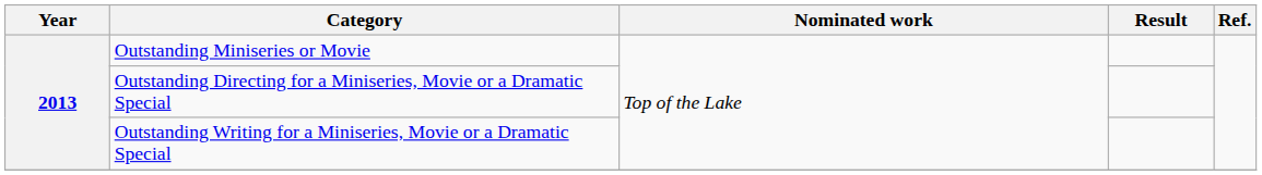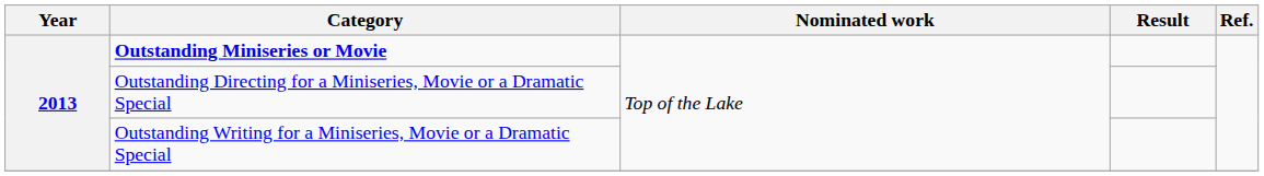 <table class=wikitable>
 <tr>
 <th scope="col" style="width:5em;">Year</th>
 <th scope="col" style="width:26em;">Category</th>
 <th scope="col" style="width:25em;">Nominated work</th>
 <th scope="col" style="width:5em;">Result</th>
 <th>Ref.</th>
 </tr>
 <tr>
 <th scope="row", rowspan="3"><a href='#'>2013</a></th>
-<td><a href='#'>Outstanding Miniseries or Movie</a></td>
+<td><strong><a href='#'>Outstanding Miniseries or Movie</a></strong></td>
 <td rowspan="3"><em>Top of the Lake</em></td>
 <td></td>
 <td rowspan="3"></td>
 </tr>
 <tr>
 <td><a href='#'>Outstanding Directing for a Miniseries, Movie or a Dramatic Special</a></td>
 <td></td>
 </tr>
 <tr>
 <td><a href='#'>Outstanding Writing for a Miniseries, Movie or a Dramatic Special</a></td>
 <td></td>
 </tr>
 <tr>
 </tr>
 </table>
